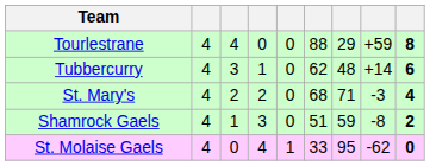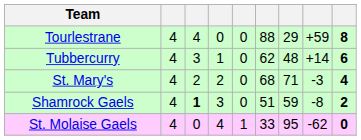 <table class="wikitable" style="text-align:center">
 <tr>
 <th style="width:175px;">Team</th>
 <th width="20"></th>
 <th width="20"></th>
 <th width="20"></th>
 <th width="20"></th>
 <th width="20"></th>
 <th width="20"></th>
 <th width="20"></th>
 <th width="20"></th>
 </tr>
 <tr style="background:#cfc;">
 <td><a href='#'>Tourlestrane</a></td>
 <td>4</td>
 <td>4</td>
 <td>0</td>
 <td>0</td>
 <td>88</td>
 <td>29</td>
 <td>+59</td>
 <td><strong>8</strong></td>
 </tr>
 <tr style="background:#cfc;">
 <td><a href='#'>Tubbercurry</a></td>
 <td>4</td>
 <td>3</td>
 <td>1</td>
 <td>0</td>
 <td>62</td>
 <td>48</td>
 <td>+14</td>
 <td><strong>6</strong></td>
 </tr>
 <tr style="background:#cfc;">
 <td><a href='#'>St. Mary's</a></td>
 <td>4</td>
 <td>2</td>
 <td>2</td>
 <td>0</td>
 <td>68</td>
 <td>71</td>
 <td>-3</td>
 <td><strong>4</strong></td>
 </tr>
 <tr style="background:#cfc;">
 <td><a href='#'>Shamrock Gaels</a></td>
 <td>4</td>
-<td>1</td>
+<td><strong>1</strong></td>
 <td>3</td>
 <td>0</td>
 <td>51</td>
 <td>59</td>
 <td>-8</td>
 <td><strong>2</strong></td>
 </tr>
 <tr style="background:#fcf;">
 <td><a href='#'>St. Molaise Gaels</a></td>
 <td>4</td>
 <td>0</td>
 <td>4</td>
 <td>1</td>
 <td>33</td>
 <td>95</td>
 <td>-62</td>
 <td><strong>0</strong></td>
 </tr>
 </table>
